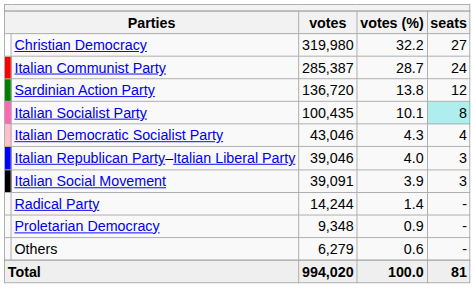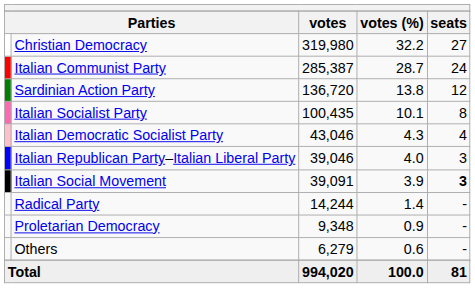 <table class="wikitable" style="font-size:95%">
 <tr>
 <th colspan=5></th>
 </tr>
 <tr>
 </tr>
 <tr bgcolor="EFEFEF">
 <th Colspan=2>Parties</th>
 <th>votes</th>
 <th>votes (%)</th>
 <th>seats</th>
 </tr>
 <tr>
 <td bgcolor=White></td>
 <td><a href='#'>Christian Democracy</a></td>
 <td align=right>319,980</td>
 <td align=right>32.2</td>
 <td align=right>27</td>
 </tr>
 <tr>
 <td bgcolor=Red></td>
 <td><a href='#'>Italian Communist Party</a></td>
 <td align=right>285,387</td>
 <td align=right>28.7</td>
 <td align=right>24</td>
 </tr>
 <tr>
 <td bgcolor=Green></td>
 <td><a href='#'>Sardinian Action Party</a></td>
 <td align=right>136,720</td>
 <td align=right>13.8</td>
 <td align=right>12</td>
 </tr>
 <tr>
 <td bgcolor=Hotpink></td>
 <td><a href='#'>Italian Socialist Party</a></td>
 <td align=right>100,435</td>
 <td align=right>10.1</td>
-<td align=right style="background: paleturquoise;">8</td>
+<td align=right>8</td>
 </tr>
 <tr>
 <td bgcolor=Pink></td>
 <td><a href='#'>Italian Democratic Socialist Party</a></td>
 <td align=right>43,046</td>
 <td align=right>4.3</td>
 <td align=right>4</td>
 </tr>
 <tr>
 <td bgcolor=Blue></td>
 <td><a href='#'>Italian Republican Party</a>–<a href='#'>Italian Liberal Party</a></td>
 <td align=right>39,046</td>
 <td align=right>4.0</td>
 <td align=right>3</td>
 </tr>
 <tr>
 <td bgcolor=Black></td>
 <td><a href='#'>Italian Social Movement</a></td>
 <td align=right>39,091</td>
 <td align=right>3.9</td>
-<td align=right>3</td>
+<td align=right><strong>3</strong></td>
 </tr>
 <tr>
 <td bgcolor=></td>
 <td><a href='#'>Radical Party</a></td>
 <td align=right>14,244</td>
 <td align=right>1.4</td>
 <td align=right>-</td>
 </tr>
 <tr>
 <td bgcolor=></td>
 <td><a href='#'>Proletarian Democracy</a></td>
 <td align=right>9,348</td>
 <td align=right>0.9</td>
 <td align=right>-</td>
 </tr>
 <tr>
 <td bgcolor=></td>
 <td>Others</td>
 <td align=right>6,279</td>
 <td align=right>0.6</td>
 <td align=right>-</td>
 </tr>
 <tr>
 </tr>
 <tr bgcolor="EFEFEF">
 <td colspan=2><strong>Total</strong></td>
 <td align=right><strong>994,020</strong></td>
 <td align=right><strong>100.0</strong></td>
 <td align=right><strong>81</strong></td>
 </tr>
 </table>
